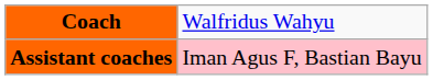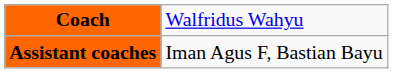 <table class="wikitable">
 <tr>
 <th style=background:#ff6600 colspan="1"><span>Coach</span></th>
 <td> <a href='#'>Walfridus Wahyu</a></td>
 </tr>
 <tr>
 <th style=background:#ff6600 colspan="1"><span>Assistant coaches</span></th>
-<td style="background: pink;"> Iman Agus F, Bastian Bayu</td>
+<td> Iman Agus F, Bastian Bayu</td>
 </tr>
 </table>
